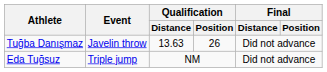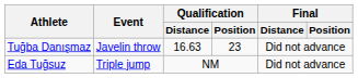 <table class="wikitable" style="font-size:90%">
 <tr>
 <th rowspan="2">Athlete</th>
 <th rowspan="2">Event</th>
 <th colspan="2">Qualification</th>
 <th colspan="2">Final</th>
 </tr>
 <tr style="font-size:95%">
 <th>Distance</th>
 <th>Position</th>
 <th>Distance</th>
 <th>Position</th>
 </tr>
 <tr align="center">
 <td align="left"><a href='#'>Tuğba Danışmaz</a></td>
 <td align="left"><a href='#'>Javelin throw</a></td>
-<td>13.63</td>
-<td>26</td>
+<td>16.63</td>
+<td>23</td>
 <td colspan="2">Did not advance</td>
 </tr>
 <tr align="center">
 <td align="left"><a href='#'>Eda Tuğsuz</a></td>
 <td align="left"><a href='#'>Triple jump</a></td>
 <td colspan="2">NM</td>
 <td colspan="2">Did not advance</td>
 </tr>
 </table>
